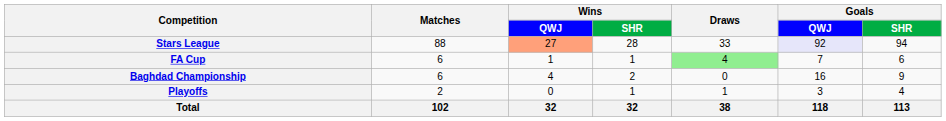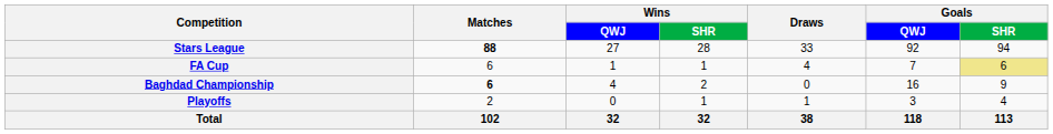 <table class="wikitable" style="font-size:100%; width: 75%; text-align: center;">
 <tr>
 <th rowspan="2">Competition</th>
 <th rowspan="2">Matches</th>
 <th colspan="2">Wins</th>
 <th rowspan="2">Draws</th>
 <th colspan="2">Goals</th>
 </tr>
 <tr>
 <th style="color:#fff; background:#0000ff;">QWJ</th>
 <th style="color:#fff; background:#00AD43;">SHR</th>
 <th style="color:#fff; background:#0000ff;">QWJ</th>
 <th style="color:#fff; background:#00AD43;">SHR</th>
 </tr>
 <tr>
 <th scope="row"><a href='#'>Stars League</a></th>
-<td>88</td>
-<td style="background: lightsalmon;">27</td>
+<td><strong>88</strong></td>
+<td>27</td>
 <td>28</td>
 <td>33</td>
-<td style="background: lavender;">92</td>
+<td>92</td>
 <td>94</td>
 </tr>
 <tr>
 <th scope="row"><a href='#'>FA Cup</a></th>
 <td>6</td>
 <td>1</td>
 <td>1</td>
-<td style="background: lightgreen;">4</td>
+<td>4</td>
 <td>7</td>
-<td>6</td>
+<td style="background: khaki;">6</td>
 </tr>
 <tr>
 <th scope="row"><a href='#'>Baghdad Championship</a></th>
-<td>6</td>
+<td><strong>6</strong></td>
 <td>4</td>
 <td>2</td>
 <td>0</td>
 <td>16</td>
 <td>9</td>
 </tr>
 <tr>
 <th scope="row"><a href='#'>Playoffs</a></th>
 <td>2</td>
 <td>0</td>
 <td>1</td>
 <td>1</td>
 <td>3</td>
 <td>4</td>
 </tr>
 <tr>
 <th scope="row">Total</th>
 <th>102</th>
 <th>32</th>
 <th>32</th>
 <th>38</th>
 <th>118</th>
 <th>113</th>
 </tr>
 </table>
